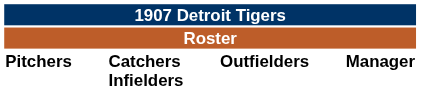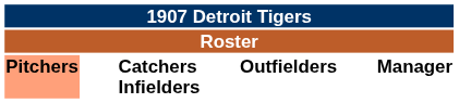 <table class="toccolours" style="font-size: 95%;">
 <tr>
 <th colspan="10" style="background:#036; color:white; text-align:center;">1907 Detroit Tigers</th>
 </tr>
 <tr>
 <td colspan="10" style="background:#bd5d29; color:white; text-align:center;"><strong>Roster</strong></td>
 </tr>
 <tr>
-<td valign="top"><strong>Pitchers</strong><br>       </td>
+<td valign="top" style="background: lightsalmon;"><strong>Pitchers</strong><br>       </td>
 <td style="width:25px;"></td>
 <td valign="top"><strong>Catchers</strong><br>    <strong>Infielders</strong>       </td>
 <td style="width:25px;"></td>
 <td valign="top"><strong>Outfielders</strong><br>    </td>
 <td style="width:25px;"></td>
 <td valign="top"><strong>Manager</strong><br></td>
 </tr>
 </table>
